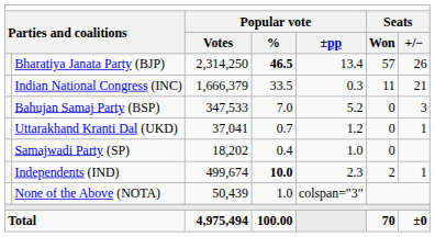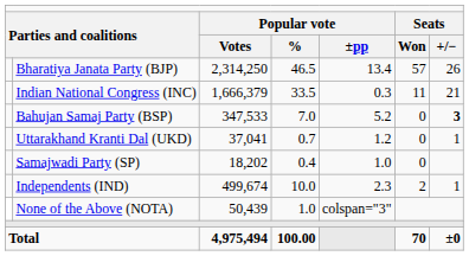 <table class="wikitable" style="text-align:right; font-size:95%;">
 <tr>
 <td colspan="7"></td>
 </tr>
 <tr style="background:#e9e9e9; text-align:center;">
 <th style="text-align:left;" rowspan="2" colspan="2">Parties and coalitions</th>
 <th colspan="3">Popular vote</th>
 <th colspan="2">Seats</th>
 </tr>
 <tr style="background:#e9e9e9; text-align:center;">
 <th style="width:70px;">Votes</th>
 <th style="width:45px;">%</th>
 <th style="width:50px;">±<a href='#'>pp</a></th>
 <th style="width:30px;">Won</th>
 <th style="width:30px;">+/−</th>
 </tr>
 <tr>
 <td width="1" style="color:inherit;background:"></td>
 <td style="text-align:left;"><a href='#'>Bharatiya Janata Party</a> (BJP)</td>
 <td>2,314,250</td>
-<td><strong>46.5</strong></td>
+<td>46.5</td>
 <td>13.4</td>
 <td>57</td>
 <td>26</td>
 </tr>
 <tr>
 <td style="color:inherit;background:"></td>
 <td style="text-align:left;"><a href='#'>Indian National Congress</a> (INC)</td>
 <td>1,666,379</td>
 <td>33.5</td>
 <td>0.3</td>
 <td>11</td>
 <td>21</td>
 </tr>
 <tr>
 <td style="color:inherit;background:"></td>
 <td style="text-align:left;"><a href='#'>Bahujan Samaj Party</a> (BSP)</td>
 <td>347,533</td>
 <td>7.0</td>
 <td>5.2</td>
 <td>0</td>
-<td>3</td>
+<td><strong>3</strong></td>
 </tr>
 <tr>
 <td style="color:inherit;background:"></td>
 <td style="text-align:left;"><a href='#'>Uttarakhand Kranti Dal</a> (UKD)</td>
 <td>37,041</td>
 <td>0.7</td>
 <td>1.2</td>
 <td>0</td>
 <td>1</td>
 </tr>
 <tr>
 <td style="color:inherit;background:"></td>
 <td style="text-align:left;"><a href='#'>Samajwadi Party</a> (SP)</td>
 <td>18,202</td>
 <td>0.4</td>
 <td>1.0</td>
 <td>0</td>
 <td></td>
 </tr>
 <tr>
 <td style="color:inherit;background:"></td>
 <td style="text-align:left;"><a href='#'>Independents</a> (IND)</td>
 <td>499,674</td>
-<td><strong>10.0</strong></td>
+<td>10.0</td>
 <td>2.3</td>
 <td>2</td>
 <td>1</td>
 </tr>
 <tr>
 <td style="background:white;"></td>
 <td style="text-align:left;"><a href='#'>None of the Above</a> (NOTA)</td>
 <td>50,439</td>
 <td>1.0</td>
 <td>colspan="3" </td>
 </tr>
 <tr>
 <td colspan="7" style="background:#e9e9e9;"></td>
 </tr>
 <tr style="font-weight:bold;">
 <td style="text-align:left;" colspan="2">Total</td>
 <td>4,975,494</td>
 <td>100.00</td>
 <td style="background:#e9e9e9;"></td>
 <td>70</td>
 <td>±0</td>
 </tr>
 </table>
